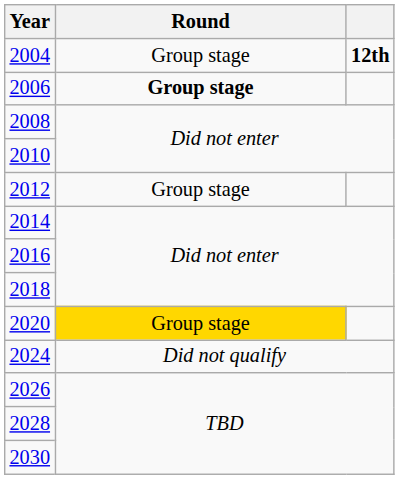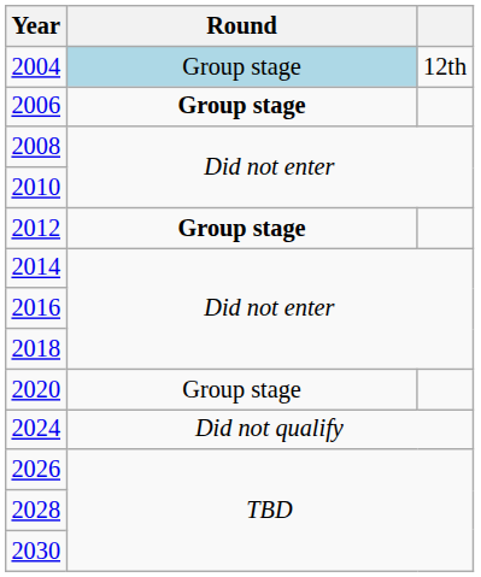 <table class="wikitable" style="text-align: center; font-size:90%">
 <tr>
 <th>Year</th>
 <th style="width:200px">Round</th>
 <th></th>
 </tr>
 <tr>
 <td><a href='#'>2004</a></td>
-<td>Group stage</td>
-<td><strong>12th</strong></td>
+<td style="background: lightblue;">Group stage</td>
+<td>12th</td>
 </tr>
 <tr>
 <td><a href='#'>2006</a></td>
 <td><strong>Group stage</strong></td>
 <td></td>
 </tr>
 <tr>
 <td><a href='#'>2008</a></td>
 <td colspan="2" rowspan="2"><em>Did not enter</em></td>
 </tr>
 <tr>
 <td><a href='#'>2010</a></td>
 </tr>
 <tr>
 <td><a href='#'>2012</a></td>
-<td>Group stage</td>
+<td><strong>Group stage</strong></td>
 <td></td>
 </tr>
 <tr>
 <td><a href='#'>2014</a></td>
 <td colspan="2" rowspan="3"><em>Did not enter</em></td>
 </tr>
 <tr>
 <td><a href='#'>2016</a></td>
 </tr>
 <tr>
 <td><a href='#'>2018</a></td>
 </tr>
 <tr>
 <td><a href='#'>2020</a></td>
-<td style="background: gold;">Group stage</td>
+<td>Group stage</td>
 <td></td>
 </tr>
 <tr>
 <td><a href='#'>2024</a></td>
 <td colspan="2"><em>Did not qualify</em></td>
 </tr>
 <tr>
 <td><a href='#'>2026</a></td>
 <td colspan="2" rowspan="3"><em>TBD</em></td>
 </tr>
 <tr>
 <td><a href='#'>2028</a></td>
 </tr>
 <tr>
 <td><a href='#'>2030</a></td>
 </tr>
 </table>
